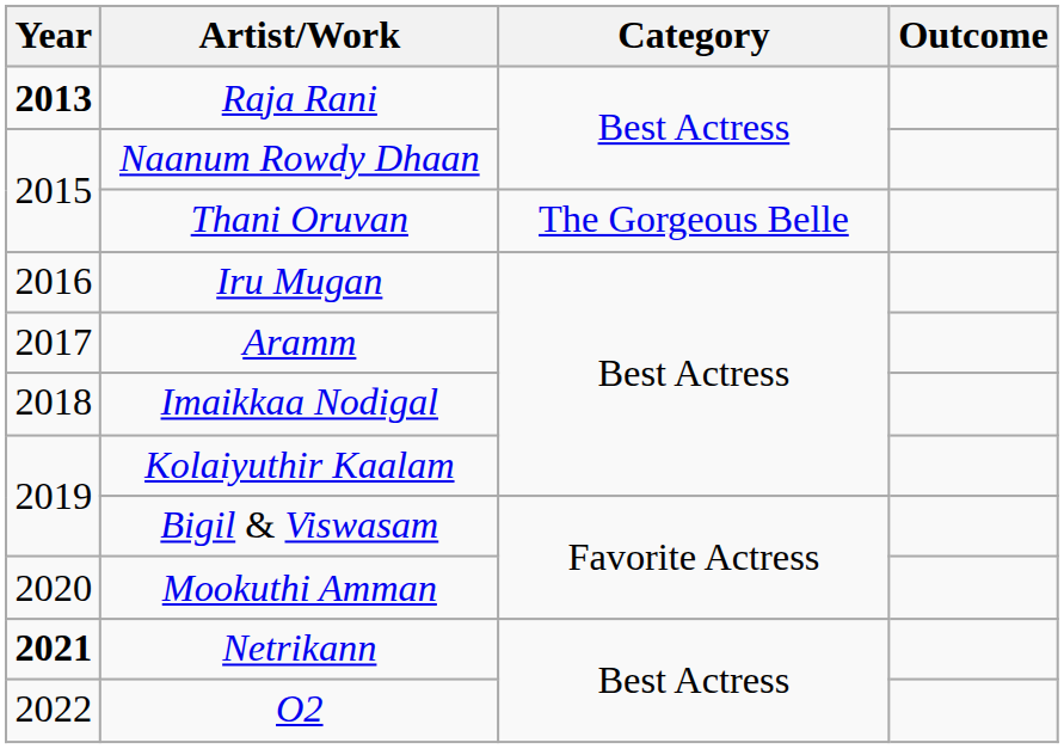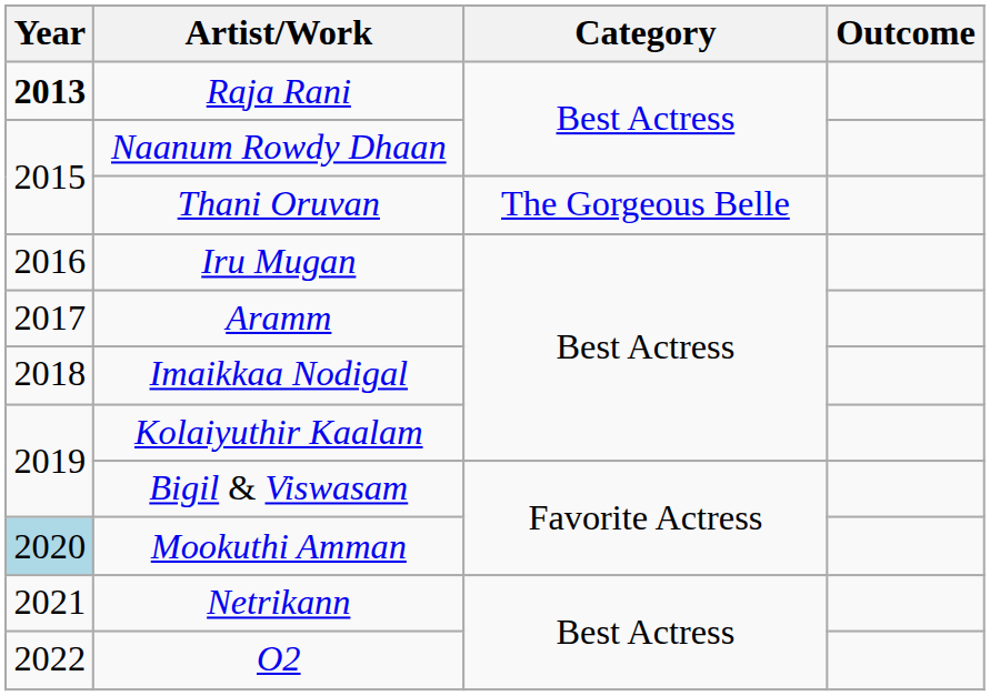 <table id=EdisonTamil class="wikitable static-row-numbers" style="width:70%;">
 <tr>
 <th width=5%>Year</th>
 <th style="width:40%;">Artist/Work</th>
 <th style="width:40%;">Category</th>
 <th style="width:15%;">Outcome</th>
 </tr>
 <tr>
 <td style="text-align:left;"><strong>2013</strong></td>
 <td style="text-align:center;"><em> <a href='#'>Raja Rani</a></em></td>
 <td rowspan="2" style="text-align:center;"><a href='#'>Best Actress</a></td>
 <td></td>
 </tr>
 <tr>
 <td rowspan="2" style="text-align:left;">2015</td>
 <td style="text-align:center;"><em><a href='#'>Naanum Rowdy Dhaan</a></em></td>
 <td></td>
 </tr>
 <tr>
 <td style="text-align:center;"><em><a href='#'>Thani Oruvan</a></em></td>
 <td style="text-align:center;"><a href='#'>The Gorgeous Belle</a></td>
 <td></td>
 </tr>
 <tr>
 <td>2016</td>
 <td style="text-align:center;"><em><a href='#'>Iru Mugan</a></em></td>
 <td style="text-align:center;" rowspan="4">Best Actress</td>
 <td></td>
 </tr>
 <tr>
 <td style="text-align:left;">2017</td>
 <td style="text-align:center;"><em><a href='#'>Aramm</a></em></td>
 <td></td>
 </tr>
 <tr>
 <td style="text-align:left;">2018</td>
 <td style="text-align:center;"><em><a href='#'>Imaikkaa Nodigal</a></em></td>
 <td></td>
 </tr>
 <tr>
 <td rowspan="2">2019</td>
 <td style="text-align:center;"><em><a href='#'>Kolaiyuthir Kaalam</a></em></td>
 <td></td>
 </tr>
 <tr>
 <td style="text-align:center;"><em><a href='#'>Bigil</a></em> & <em><a href='#'>Viswasam</a></em></td>
 <td style="text-align:center;" rowspan="2">Favorite Actress</td>
 <td></td>
 </tr>
 <tr>
-<td>2020</td>
+<td style="background: lightblue;">2020</td>
 <td style="text-align:center;"><em><a href='#'>Mookuthi Amman</a></em></td>
 <td></td>
 </tr>
 <tr>
-<td><strong>2021</strong></td>
+<td>2021</td>
 <td style="text-align:center;"><em><a href='#'>Netrikann</a></em></td>
 <td style="text-align:center;" rowspan="4">Best Actress</td>
 <td></td>
 </tr>
 <tr>
 <td>2022</td>
 <td style="text-align:center;"><em><a href='#'>O2</a></em></td>
 <td></td>
 </tr>
 </table>
